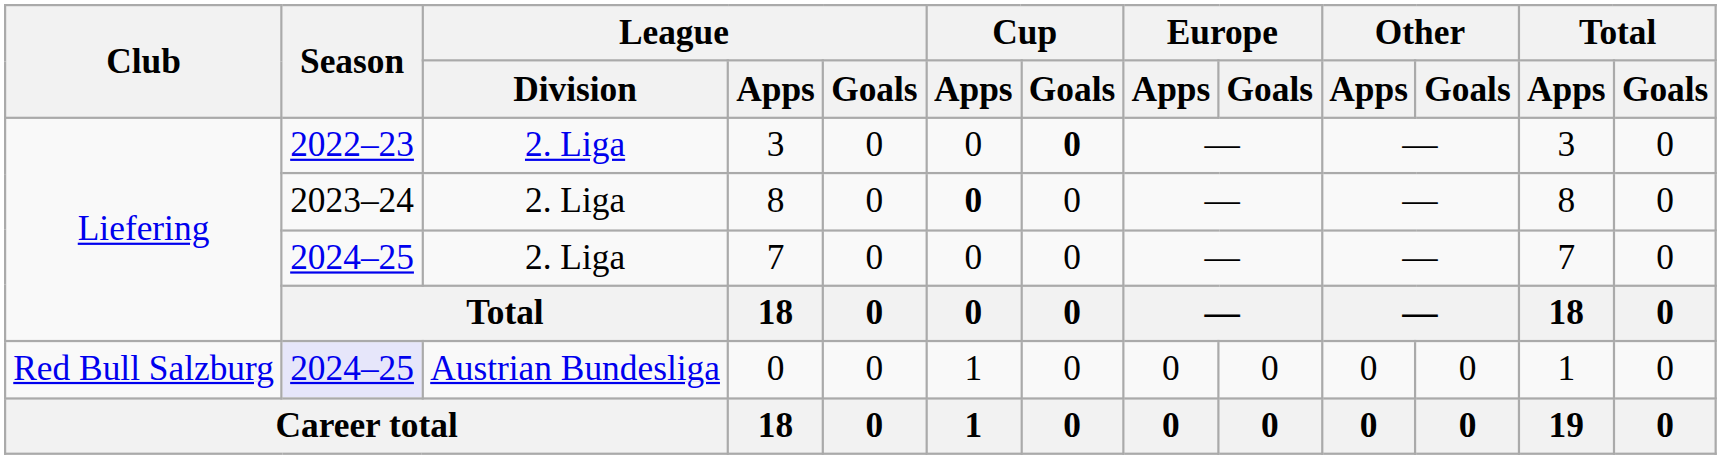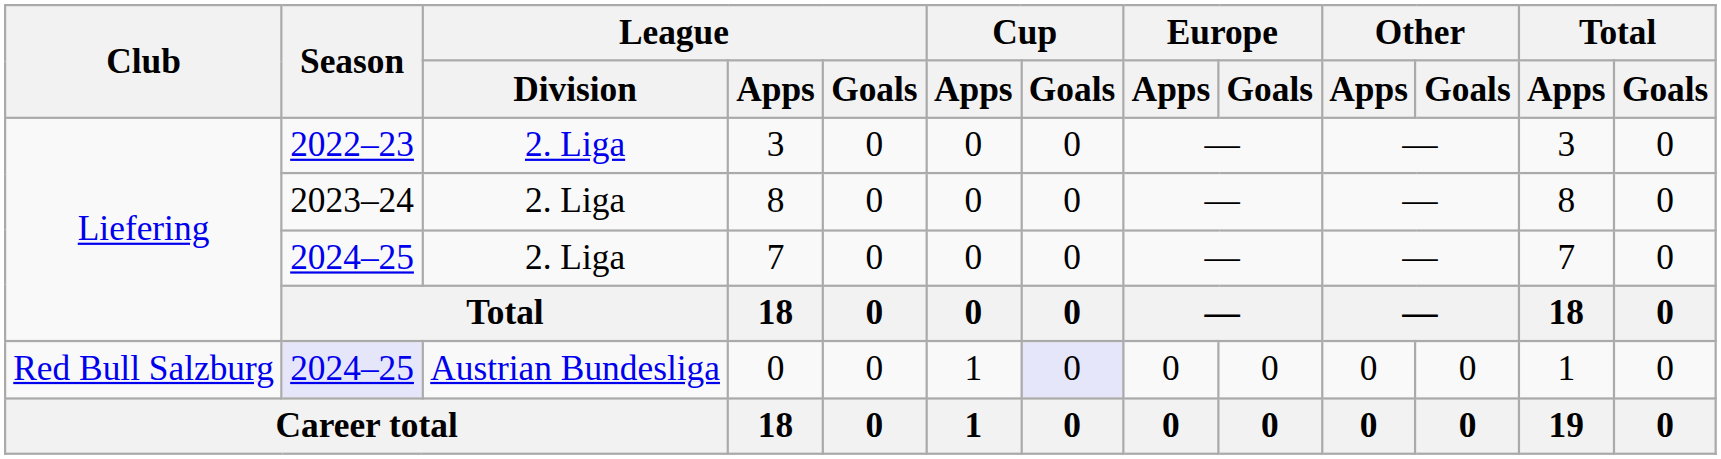 <table class="wikitable" Style="text-align: center">
 <tr>
 <th rowspan="2">Club</th>
 <th rowspan="2">Season</th>
 <th colspan="3">League</th>
 <th colspan="2">Cup</th>
 <th colspan="2">Europe</th>
 <th colspan="2">Other</th>
 <th colspan="2">Total</th>
 </tr>
 <tr>
 <th>Division</th>
 <th>Apps</th>
 <th>Goals</th>
 <th>Apps</th>
 <th>Goals</th>
 <th>Apps</th>
 <th>Goals</th>
 <th>Apps</th>
 <th>Goals</th>
 <th>Apps</th>
 <th>Goals</th>
 </tr>
 <tr>
 <td rowspan="4"><a href='#'>Liefering</a></td>
 <td><a href='#'>2022–23</a></td>
 <td><a href='#'>2. Liga</a></td>
 <td>3</td>
 <td>0</td>
 <td>0</td>
-<td><strong>0</strong></td>
+<td>0</td>
 <td colspan="2">—</td>
 <td colspan="2">—</td>
 <td>3</td>
 <td>0</td>
 </tr>
 <tr>
 <td>2023–24</td>
 <td>2. Liga</td>
 <td>8</td>
 <td>0</td>
-<td><strong>0</strong></td>
+<td>0</td>
 <td>0</td>
 <td colspan="2">—</td>
 <td colspan="2">—</td>
 <td>8</td>
 <td>0</td>
 </tr>
 <tr>
 <td><a href='#'>2024–25</a></td>
 <td>2. Liga</td>
 <td>7</td>
 <td>0</td>
 <td>0</td>
 <td>0</td>
 <td colspan="2">—</td>
 <td colspan="2">—</td>
 <td>7</td>
 <td>0</td>
 </tr>
 <tr>
 <th colspan="2">Total</th>
 <th>18</th>
 <th>0</th>
 <th>0</th>
 <th>0</th>
 <th colspan="2">—</th>
 <th colspan="2">—</th>
 <th>18</th>
 <th>0</th>
 </tr>
 <tr>
 <td><a href='#'>Red Bull Salzburg</a></td>
 <td style="background: lavender;"><a href='#'>2024–25</a></td>
 <td><a href='#'>Austrian Bundesliga</a></td>
 <td>0</td>
 <td>0</td>
 <td>1</td>
-<td>0</td>
+<td style="background: lavender;">0</td>
 <td>0</td>
 <td>0</td>
 <td>0</td>
 <td>0</td>
 <td>1</td>
 <td>0</td>
 </tr>
 <tr>
 <th colspan="3">Career total</th>
 <th>18</th>
 <th>0</th>
 <th>1</th>
 <th>0</th>
 <th>0</th>
 <th>0</th>
 <th>0</th>
 <th>0</th>
 <th>19</th>
 <th>0</th>
 </tr>
 </table>
